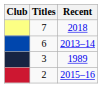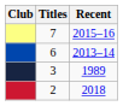 <table class="wikitable" style="text-align:center; width=60%;">
 <tr>
 <th>Club</th>
 <th>Titles</th>
 <th>Recent</th>
 </tr>
 <tr>
 <td style=background-color:#FCFF84;color:#AD9759><strong><a href='#'></a></strong></td>
 <td>7</td>
-<td><a href='#'>2018</a></td>
+<td><a href='#'>2015–16</a></td>
 </tr>
 <tr>
 <td style=background-color:#0046AD;color:#DF0101><strong><a href='#'></a></strong></td>
 <td>6</td>
 <td><a href='#'>2013–14</a></td>
 </tr>
 <tr>
 <td style=background-color:#172442;color:Goldenrod><strong><a href='#'></a></strong></td>
 <td>3</td>
 <td><a href='#'>1989</a></td>
 </tr>
 <tr>
 <td style=background-color:#CD1731;color:#FFFFFF><strong><a href='#'></a></strong></td>
 <td>2</td>
-<td><a href='#'>2015–16</a></td>
+<td><a href='#'>2018</a></td>
 </tr>
 </table>
